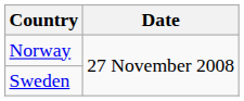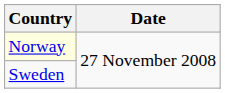 <table class="wikitable">
 <tr>
 <th>Country</th>
 <th>Date</th>
 </tr>
 <tr>
-<td><a href='#'>Norway</a></td>
+<td style="background: lightyellow;"><a href='#'>Norway</a></td>
 <td rowspan="2">27 November 2008</td>
 </tr>
 <tr>
 <td><a href='#'>Sweden</a></td>
 </tr>
 </table>
